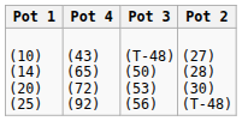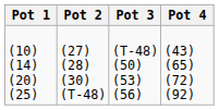 <table class=wikitable>
 <tr>
 <th width=25%>Pot 1</th>
+<th width=25%>Pot 2</th>
+<th width=25%>Pot 3</th>
 <th width=25%>Pot 4</th>
-<th width=25%>Pot 3</th>
-<th width=25%>Pot 2</th>
 </tr>
 <tr>
 <td><br> (10)<br>  (14)<br>  (20)<br>  (25)</td>
+<td><br> (27)<br>  (28)<br>  (30)<br>  (T-48)</td>
+<td><br> (T-48)<br>  (50)<br>  (53)<br>  (56)</td>
 <td><br> (43)<br>  (65)<br>  (72)<br>  (92)</td>
-<td><br> (T-48)<br>  (50)<br>  (53)<br>  (56)</td>
-<td><br> (27)<br>  (28)<br>  (30)<br>  (T-48)</td>
 </tr>
 </table>
